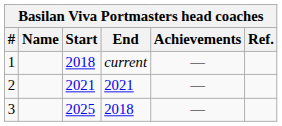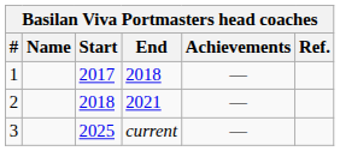 <table class="wikitable sortable">
 <tr>
 <th colspan="6">Basilan Viva Portmasters head coaches</th>
 </tr>
 <tr>
 <th>#</th>
 <th>Name</th>
 <th>Start</th>
 <th>End</th>
 <th>Achievements</th>
 <th>Ref.</th>
 </tr>
 <tr>
 <td align=center>1</td>
 <td></td>
+<td><a href='#'>2017</a></td>
 <td><a href='#'>2018</a></td>
-<td><em>current</em></td>
 <td align=center>—</td>
 <td></td>
 </tr>
 <tr>
 <td align=center>2</td>
 <td></td>
-<td><a href='#'>2021</a></td>
+<td><a href='#'>2018</a></td>
 <td><a href='#'>2021</a></td>
 <td align=center>—</td>
 <td></td>
 </tr>
 <tr>
 <td align=center>3</td>
 <td></td>
 <td><a href='#'>2025</a></td>
-<td><a href='#'>2018</a></td>
+<td><em>current</em></td>
 <td align=center>—</td>
 <td></td>
 </tr>
 </table>
